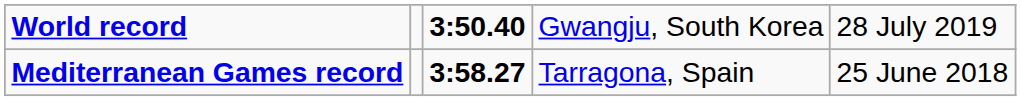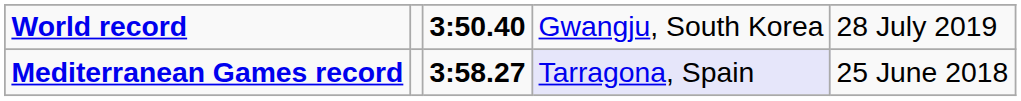 <table class="wikitable">
 <tr>
 <td><strong><a href='#'>World record</a></strong></td>
 <td></td>
 <td><strong>3:50.40</strong></td>
 <td><a href='#'>Gwangju</a>, South Korea</td>
 <td>28 July 2019</td>
 </tr>
 <tr>
 <td><strong><a href='#'>Mediterranean Games record</a></strong></td>
 <td></td>
 <td><strong>3:58.27</strong></td>
-<td><a href='#'>Tarragona</a>, Spain</td>
+<td style="background: lavender;"><a href='#'>Tarragona</a>, Spain</td>
 <td>25 June 2018</td>
 </tr>
 </table>
